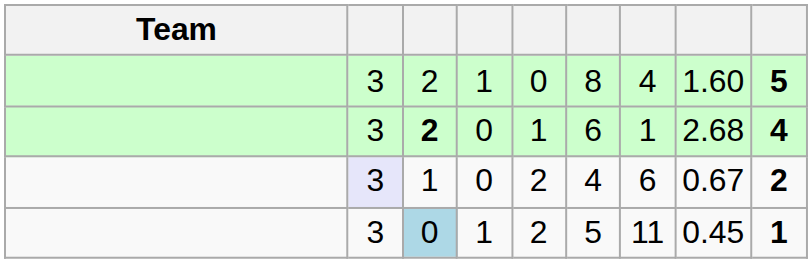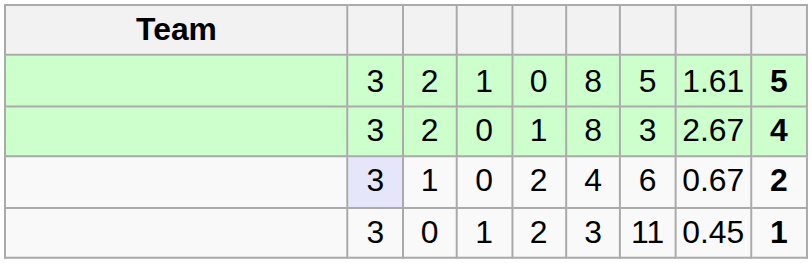 <table class="wikitable" style="text-align:center;">
 <tr>
 <th width=165>Team</th>
 <th width=20></th>
 <th width=20></th>
 <th width=20></th>
 <th width=20></th>
 <th width=20></th>
 <th width=20></th>
 <th width=20></th>
 <th width=20></th>
 </tr>
 <tr bgcolor="#ccffcc">
 <td align="left"></td>
 <td>3</td>
 <td>2</td>
 <td>1</td>
 <td>0</td>
 <td>8</td>
-<td>4</td>
-<td>1.60</td>
+<td>5</td>
+<td>1.61</td>
 <td><strong>5</strong></td>
 </tr>
 <tr bgcolor="#ccffcc">
 <td align="left"></td>
 <td>3</td>
-<td><strong>2</strong></td>
+<td>2</td>
 <td>0</td>
 <td>1</td>
-<td>6</td>
-<td>1</td>
-<td>2.68</td>
+<td>8</td>
+<td>3</td>
+<td>2.67</td>
 <td><strong>4</strong></td>
 </tr>
 <tr>
 <td align="left"></td>
 <td style="background: lavender;">3</td>
 <td>1</td>
 <td>0</td>
 <td>2</td>
 <td>4</td>
 <td>6</td>
 <td>0.67</td>
 <td><strong>2</strong></td>
 </tr>
 <tr>
 <td align="left"></td>
 <td>3</td>
-<td style="background: lightblue;">0</td>
+<td>0</td>
 <td>1</td>
 <td>2</td>
-<td>5</td>
+<td>3</td>
 <td>11</td>
 <td>0.45</td>
 <td><strong>1</strong></td>
 </tr>
 </table>
